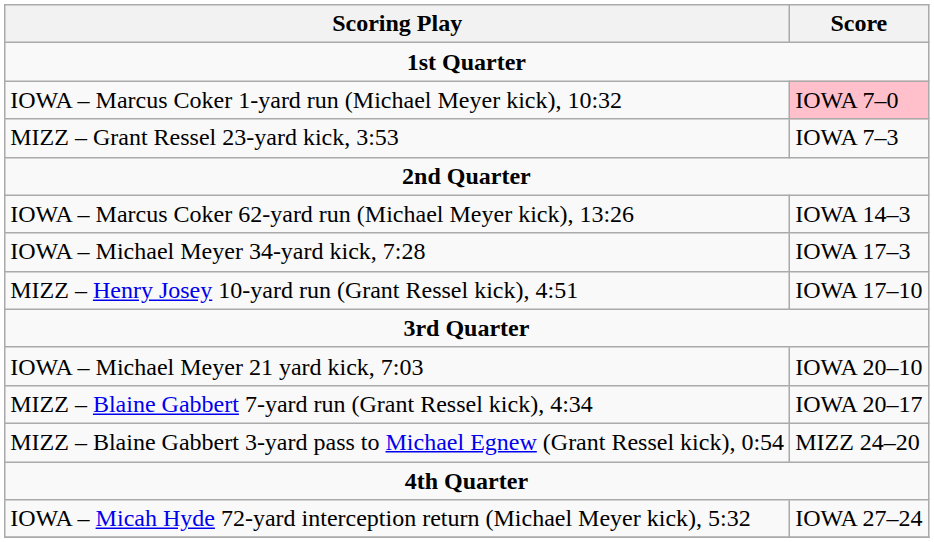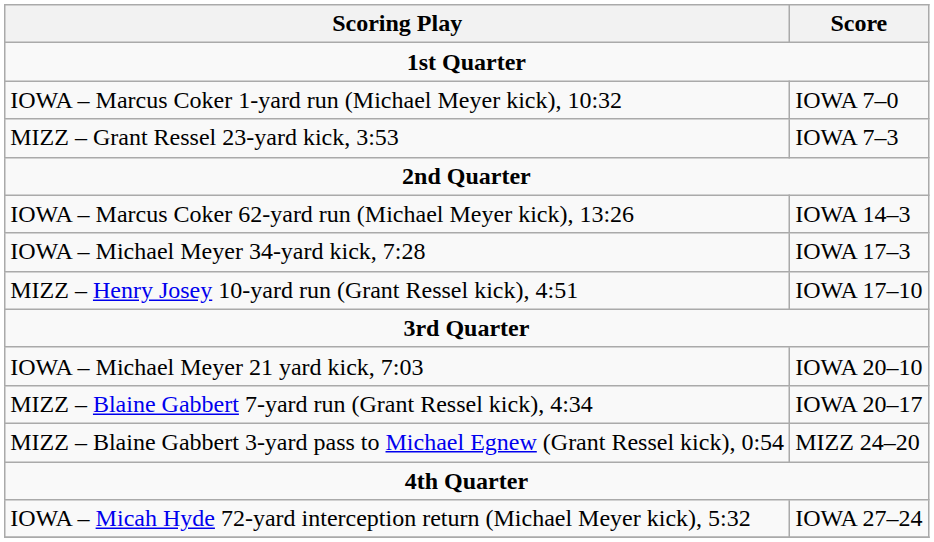 <table class="wikitable">
 <tr>
 <th>Scoring Play</th>
 <th>Score</th>
 </tr>
 <tr>
 <td colspan="4" align="center"><strong>1st Quarter</strong></td>
 </tr>
 <tr>
 <td>IOWA – Marcus Coker 1-yard run (Michael Meyer kick), 10:32</td>
-<td style="background: pink;">IOWA 7–0</td>
+<td>IOWA 7–0</td>
 </tr>
 <tr>
 <td>MIZZ – Grant Ressel 23-yard kick, 3:53</td>
 <td>IOWA 7–3</td>
 </tr>
 <tr>
 <td colspan="4" align="center"><strong>2nd Quarter</strong></td>
 </tr>
 <tr>
 <td>IOWA – Marcus Coker 62-yard run (Michael Meyer kick), 13:26</td>
 <td>IOWA 14–3</td>
 </tr>
 <tr>
 <td>IOWA – Michael Meyer 34-yard kick, 7:28</td>
 <td>IOWA 17–3</td>
 </tr>
 <tr>
 <td>MIZZ – <a href='#'>Henry Josey</a> 10-yard run (Grant Ressel kick), 4:51</td>
 <td>IOWA 17–10</td>
 </tr>
 <tr>
 <td colspan="4" align="center"><strong>3rd Quarter</strong></td>
 </tr>
 <tr>
 <td>IOWA – Michael Meyer 21 yard kick, 7:03</td>
 <td>IOWA 20–10</td>
 </tr>
 <tr>
 <td>MIZZ – <a href='#'>Blaine Gabbert</a> 7-yard run (Grant Ressel kick), 4:34</td>
 <td>IOWA 20–17</td>
 </tr>
 <tr>
 <td>MIZZ – Blaine Gabbert 3-yard pass to <a href='#'>Michael Egnew</a> (Grant Ressel kick), 0:54</td>
 <td>MIZZ 24–20</td>
 </tr>
 <tr>
 <td colspan="4" align="center"><strong>4th Quarter</strong></td>
 </tr>
 <tr>
 <td>IOWA – <a href='#'>Micah Hyde</a> 72-yard interception return (Michael Meyer kick), 5:32</td>
 <td>IOWA 27–24</td>
 </tr>
 <tr>
 </tr>
 </table>
